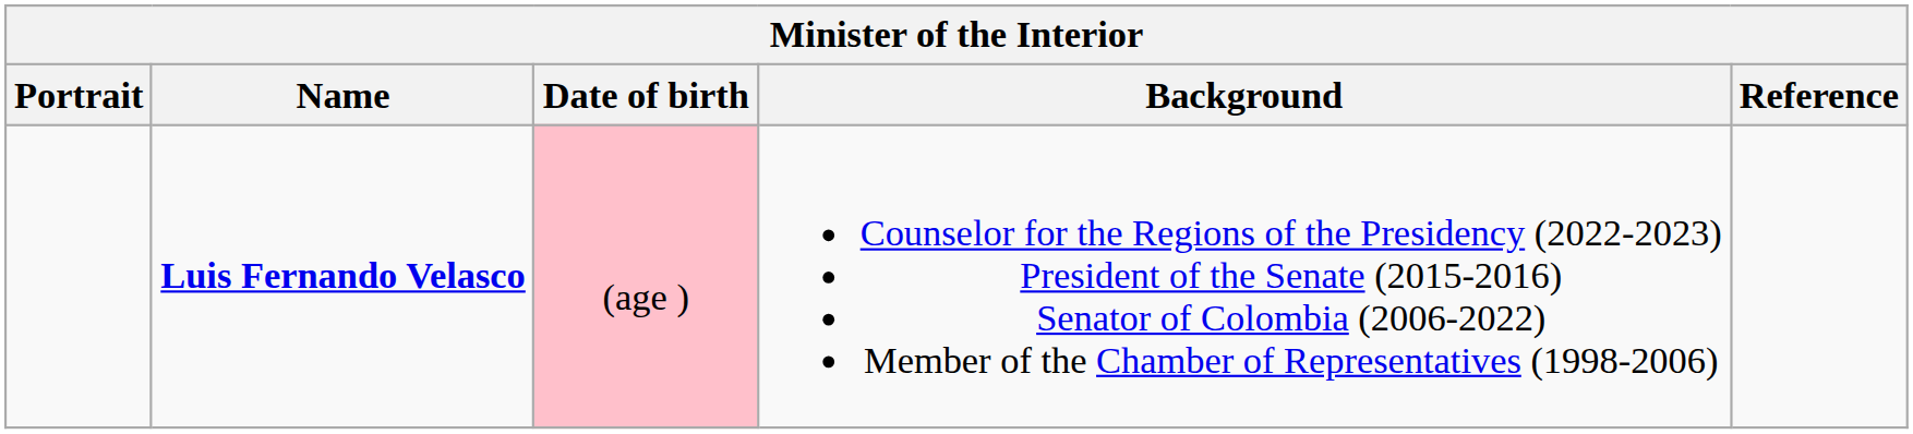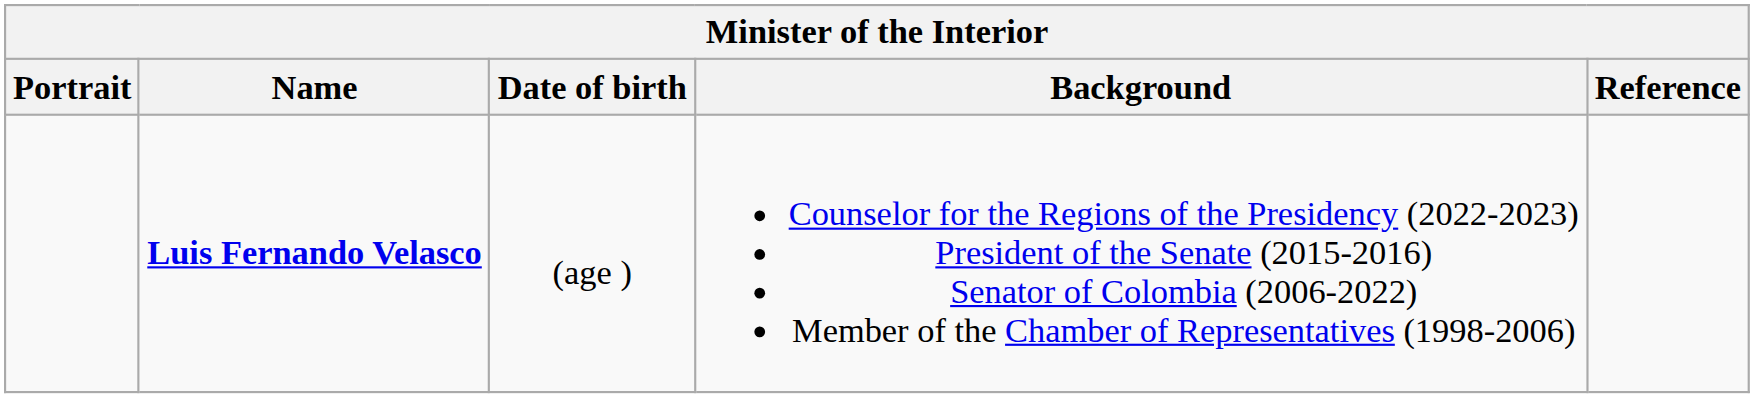 <table class="wikitable collapsible" style="text-align:center;">
 <tr>
 <th colspan="5">Minister of the Interior</th>
 </tr>
 <tr>
 <th>Portrait</th>
 <th>Name</th>
 <th>Date of birth</th>
 <th>Background</th>
 <th>Reference</th>
 </tr>
 <tr>
 <td></td>
 <td><strong><a href='#'>Luis Fernando Velasco</a></strong></td>
-<td style="background: pink;"><br>(age )</td>
+<td><br>(age )</td>
 <td><br><ul><li><a href='#'>Counselor for the Regions of the Presidency</a> (2022-2023)</li><li><a href='#'>President of the Senate</a> (2015-2016)</li><li><a href='#'>Senator of Colombia</a> (2006-2022)</li><li>Member of the <a href='#'>Chamber of Representatives</a> (1998-2006)</li></ul></td>
 <td></td>
 </tr>
 </table>
